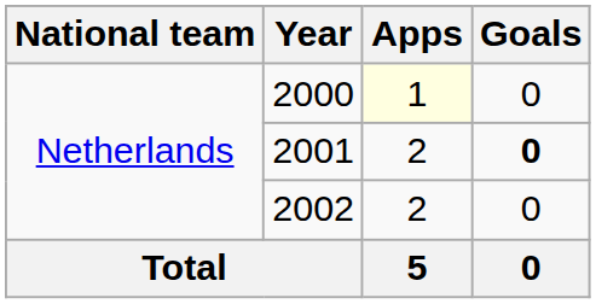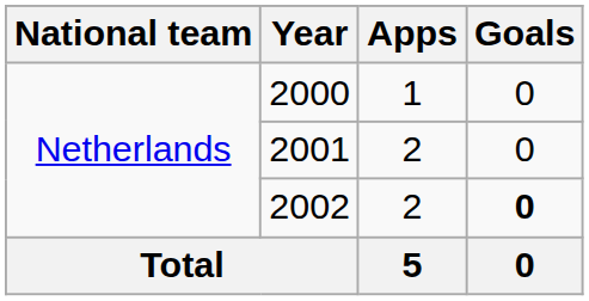 <table class="wikitable" style="text-align:center">
 <tr>
 <th>National team</th>
 <th>Year</th>
 <th>Apps</th>
 <th>Goals</th>
 </tr>
 <tr>
 <td rowspan="3"><a href='#'>Netherlands</a></td>
 <td>2000</td>
-<td style="background: lightyellow;">1</td>
+<td>1</td>
 <td>0</td>
 </tr>
 <tr>
 <td>2001</td>
 <td>2</td>
-<td><strong>0</strong></td>
+<td>0</td>
 </tr>
 <tr>
 <td>2002</td>
 <td>2</td>
-<td>0</td>
+<td><strong>0</strong></td>
 </tr>
 <tr>
 <th colspan="2">Total</th>
 <th>5</th>
 <th>0</th>
 </tr>
 </table>
